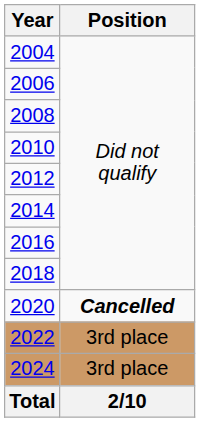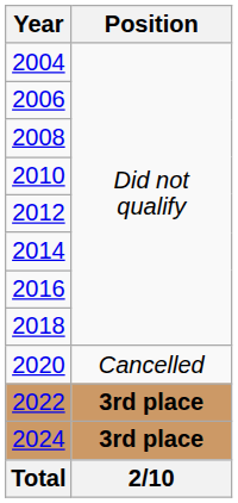 <table class="wikitable" style="text-align: center;">
 <tr>
 <th>Year</th>
 <th width="100">Position</th>
 </tr>
 <tr>
 <td> <a href='#'>2004</a></td>
 <td rowspan=8><em>Did not qualify</em></td>
 </tr>
 <tr>
 <td> <a href='#'>2006</a></td>
 </tr>
 <tr>
 <td> <a href='#'>2008</a></td>
 </tr>
 <tr>
 <td> <a href='#'>2010</a></td>
 </tr>
 <tr>
 <td> <a href='#'>2012</a></td>
 </tr>
 <tr>
 <td> <a href='#'>2014</a></td>
 </tr>
 <tr>
 <td> <a href='#'>2016</a></td>
 </tr>
 <tr>
 <td> <a href='#'>2018</a></td>
 </tr>
 <tr>
 <td> <a href='#'>2020</a></td>
-<td><strong><em>Cancelled</em></strong></td>
+<td><em>Cancelled</em></td>
 </tr>
 <tr bgcolor=cc9966>
 <td> <a href='#'>2022</a></td>
-<td>3rd place</td>
+<td><strong>3rd place</strong></td>
 </tr>
 <tr bgcolor=cc9966>
 <td> <a href='#'>2024</a></td>
-<td>3rd place</td>
+<td><strong>3rd place</strong></td>
 </tr>
 <tr>
 <th>Total</th>
 <th>2/10</th>
 </tr>
 </table>
